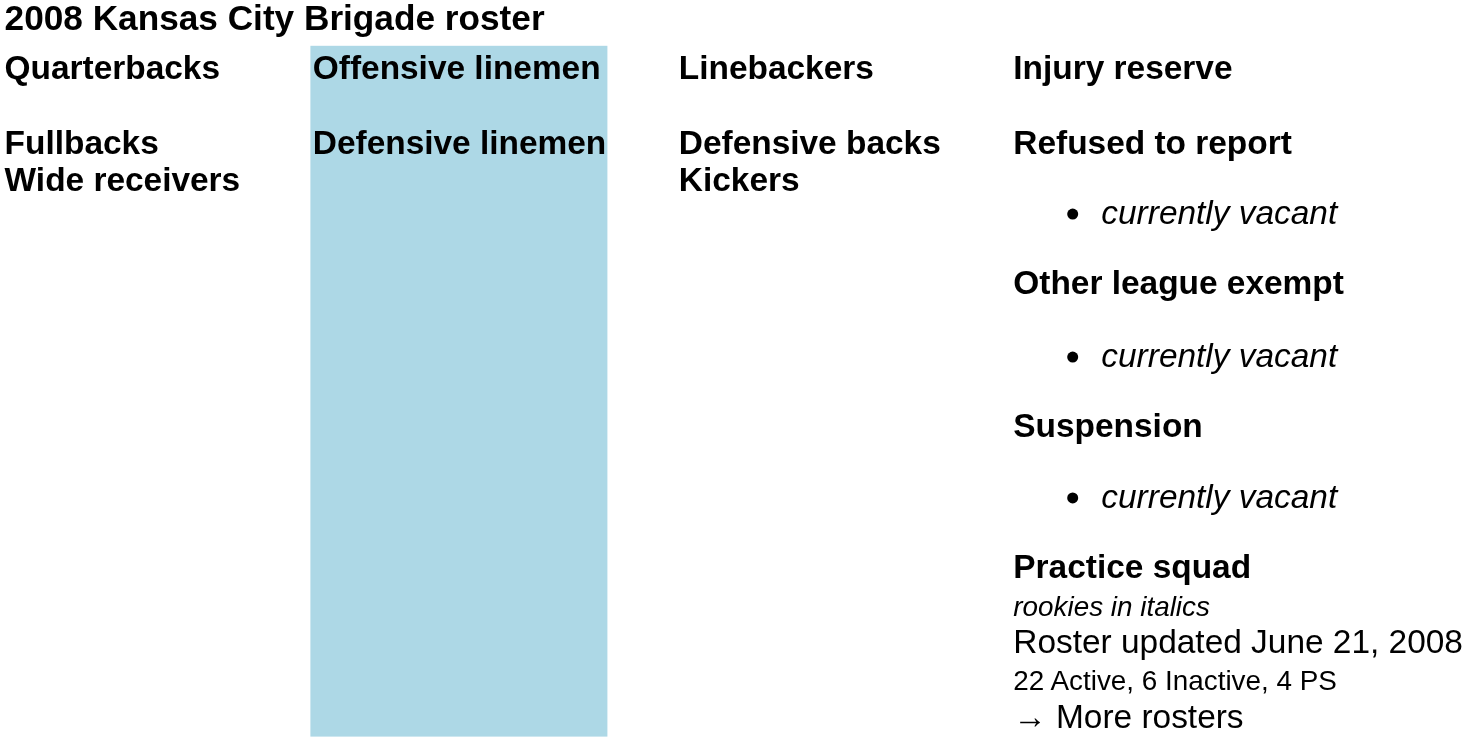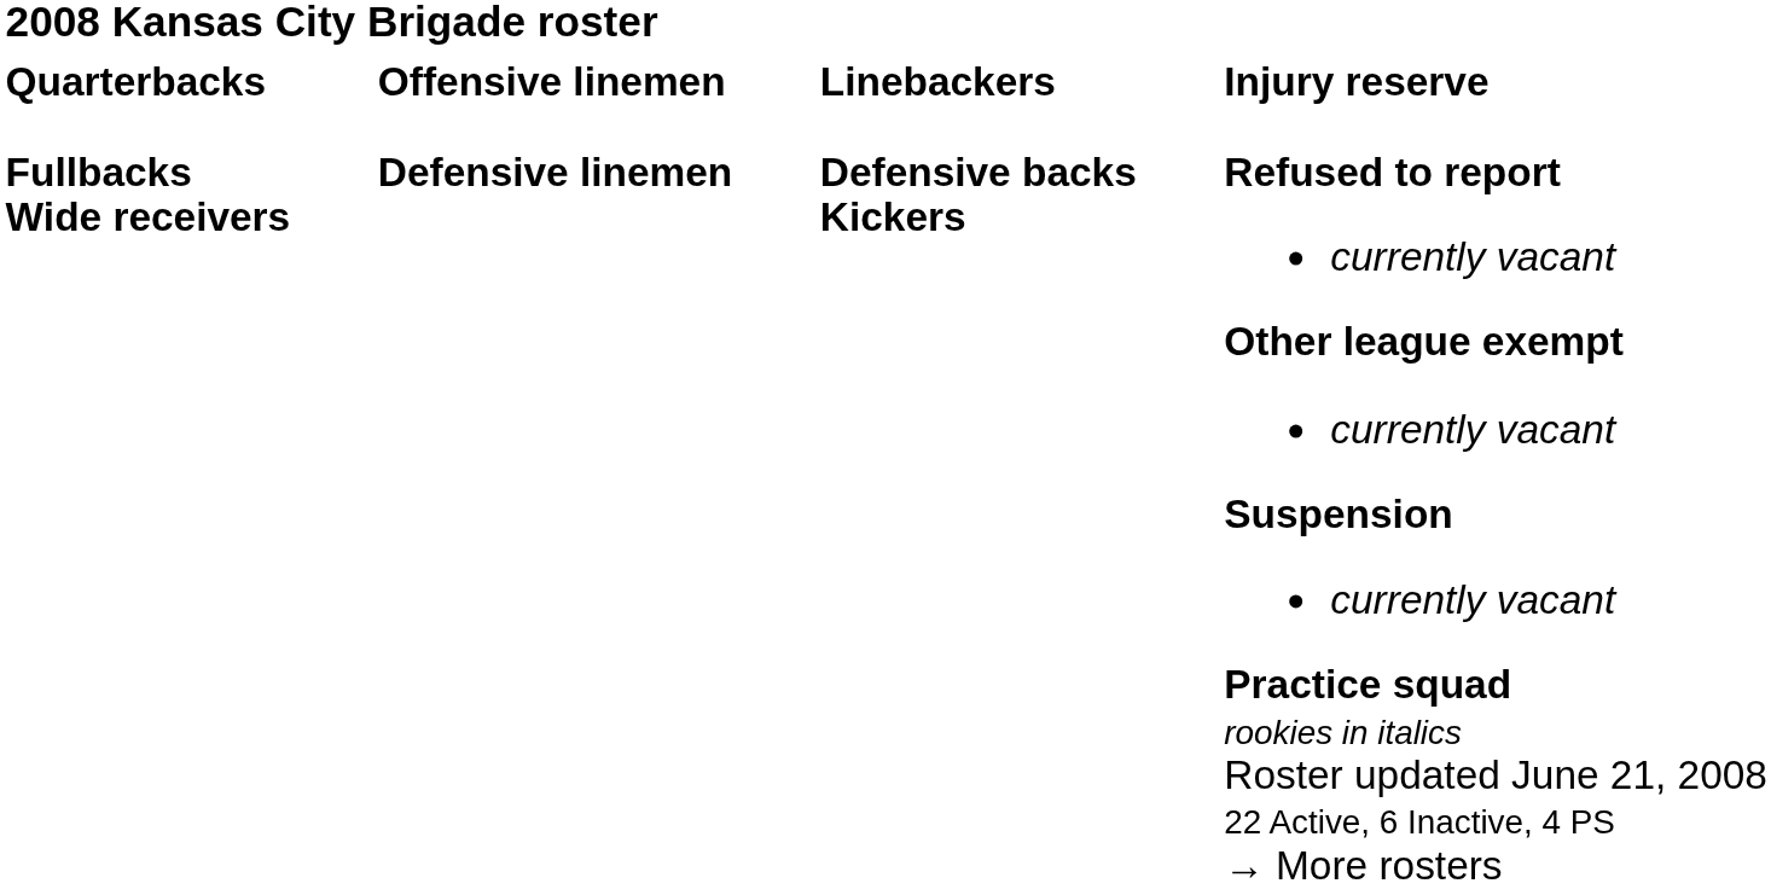 <table class="toccolours" style="text-align: left;">
 <tr>
 <th colspan="7"><strong>2008 Kansas City Brigade roster</strong></th>
 </tr>
 <tr>
 <td style="font-size: 95%;" valign="top"><strong>Quarterbacks</strong><br> <br><strong>Fullbacks</strong> <br><strong>Wide receivers</strong>     </td>
 <td style="width: 25px;"></td>
-<td style="background: lightblue; font-size: 95%;" valign="top"><strong>Offensive linemen</strong><br>   <br><strong>Defensive linemen</strong>    </td>
+<td style="font-size: 95%;" valign="top"><strong>Offensive linemen</strong><br>   <br><strong>Defensive linemen</strong>    </td>
 <td style="width: 25px;"></td>
 <td style="font-size: 95%;" valign="top"><strong>Linebackers</strong><br> <br><strong>Defensive backs</strong>   <br><strong>Kickers</strong> </td>
 <td style="width: 25px;"></td>
 <td style="font-size: 95%;" valign="top"><strong>Injury reserve</strong><br>     <br><strong>Refused to report</strong><ul><li><em>currently vacant</em></li></ul><strong>Other league exempt</strong><ul><li><em>currently vacant</em></li></ul><strong>Suspension</strong><ul><li><em>currently vacant</em></li></ul><strong>Practice squad</strong>    <br><small><em>rookies in italics</em></small><br> Roster updated June 21, 2008<br> <small>22 Active, 6 Inactive, 4 PS</small><br>→ More rosters</td>
 </tr>
 <tr>
 </tr>
 </table>
